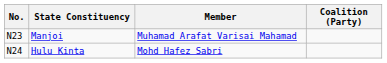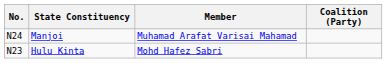 <table class="wikitable">
 <tr>
 <th width="30">No.</th>
 <th width="150">State Constituency</th>
 <th width="245">Member</th>
 <th width="105">Coalition (Party)</th>
 </tr>
 <tr>
-<td>N23</td>
+<td>N24</td>
 <td><a href='#'>Manjoi</a></td>
 <td><a href='#'>Muhamad Arafat Varisai Mahamad</a></td>
 <td></td>
 </tr>
 <tr>
-<td>N24</td>
+<td>N23</td>
 <td><a href='#'>Hulu Kinta</a></td>
 <td><a href='#'>Mohd Hafez Sabri</a></td>
 <td></td>
 </tr>
 </table>
